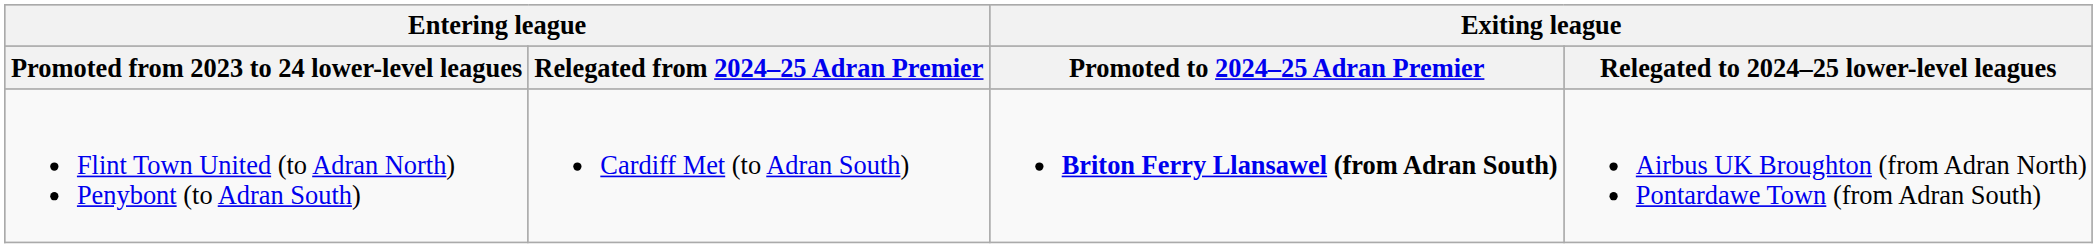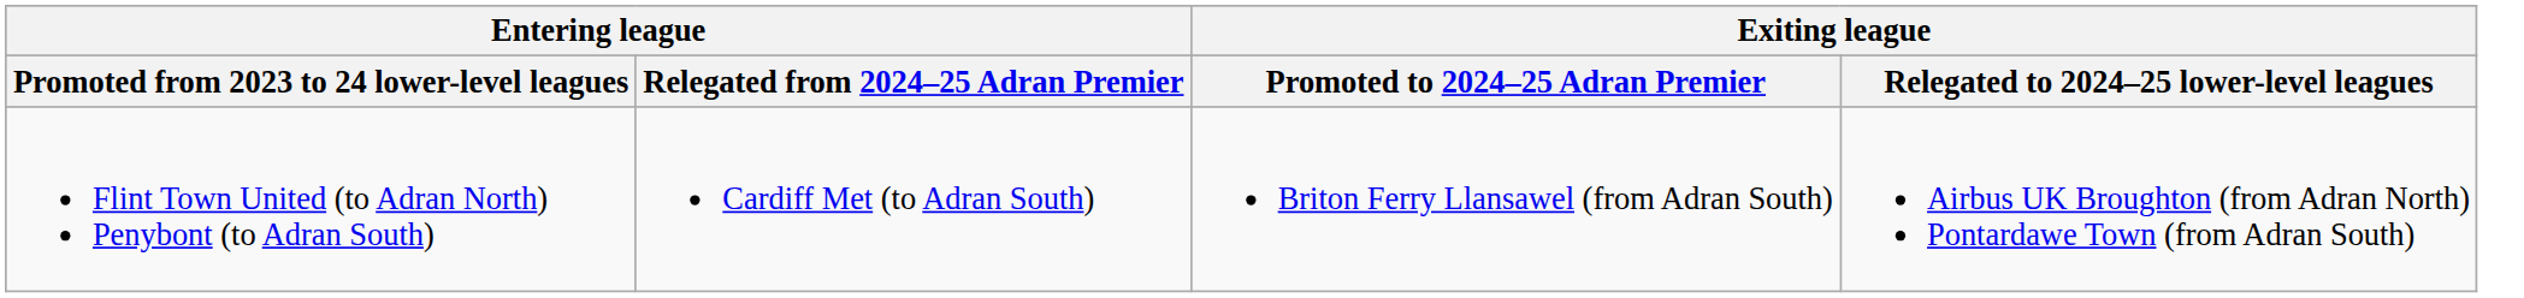 <table class="wikitable">
 <tr>
 <th colspan=2>Entering league</th>
 <th colspan=2>Exiting league</th>
 </tr>
 <tr>
 <th>Promoted from 2023 to 24 lower-level leagues</th>
 <th>Relegated from <a href='#'>2024–25 Adran Premier</a></th>
 <th>Promoted to <a href='#'>2024–25 Adran Premier</a></th>
 <th>Relegated to 2024–25 lower-level leagues</th>
 </tr>
 <tr style="vertical-align:top;">
 <td><br><ul><li><a href='#'>Flint Town United</a> (to <a href='#'>Adran North</a>)</li><li><a href='#'>Penybont</a> (to <a href='#'>Adran South</a>)</li></ul></td>
 <td><br><ul><li><a href='#'>Cardiff Met</a> (to <a href='#'>Adran South</a>)</li></ul></td>
-<td><strong><br><ul><li><a href='#'>Briton Ferry Llansawel</a> (from Adran South)</li></ul></strong></td>
+<td><br><ul><li><a href='#'>Briton Ferry Llansawel</a> (from Adran South)</li></ul></td>
 <td><br><ul><li><a href='#'>Airbus UK Broughton</a> (from Adran North)</li><li><a href='#'>Pontardawe Town</a> (from Adran South)</li></ul></td>
 </tr>
 </table>
